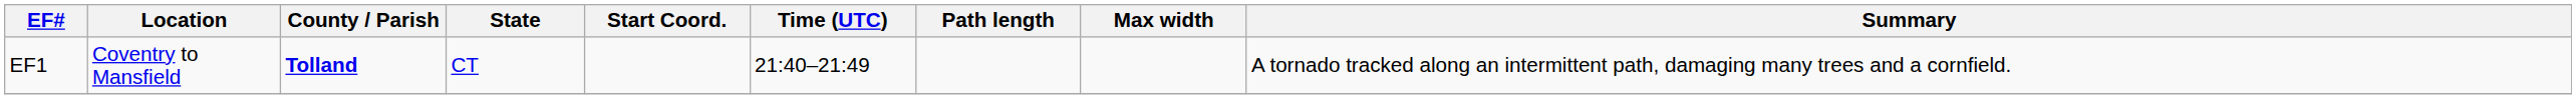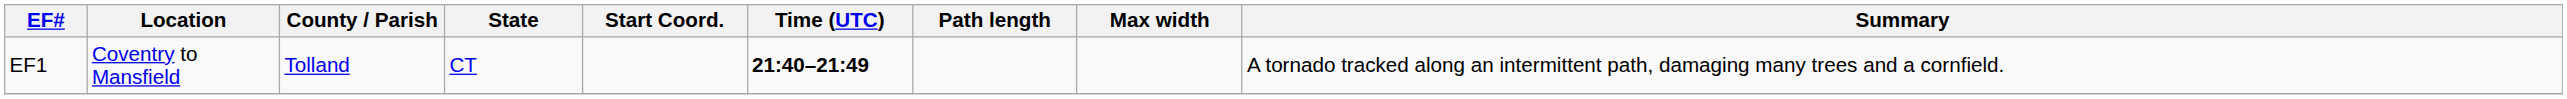 <table class="wikitable sortable" style="width:100%;">
 <tr>
 <th scope="col"  style="width:3%; text-align:center;"><a href='#'>EF#</a></th>
 <th scope="col"  style="width:7%; text-align:center;" class="unsortable">Location</th>
 <th scope="col"  style="width:6%; text-align:center;" class="unsortable">County / Parish</th>
 <th scope="col"  style="width:5%; text-align:center;">State</th>
 <th scope="col"  style="width:6%; text-align:center;">Start Coord.</th>
 <th scope="col"  style="width:6%; text-align:center;">Time (<a href='#'>UTC</a>)</th>
 <th scope="col"  style="width:6%; text-align:center;">Path length</th>
 <th scope="col"  style="width:6%; text-align:center;">Max width</th>
 <th scope="col" class="unsortable" style="width:48%; text-align:center;">Summary</th>
 </tr>
 <tr>
 <td bgcolor=>EF1</td>
 <td><a href='#'>Coventry</a> to <a href='#'>Mansfield</a></td>
-<td><strong><a href='#'>Tolland</a></strong></td>
+<td><a href='#'>Tolland</a></td>
 <td><a href='#'>CT</a></td>
 <td></td>
-<td>21:40–21:49</td>
+<td><strong>21:40–21:49</strong></td>
 <td></td>
 <td></td>
 <td>A tornado tracked along an intermittent path, damaging many trees and a cornfield.</td>
 </tr>
 <tr>
 </tr>
 </table>
